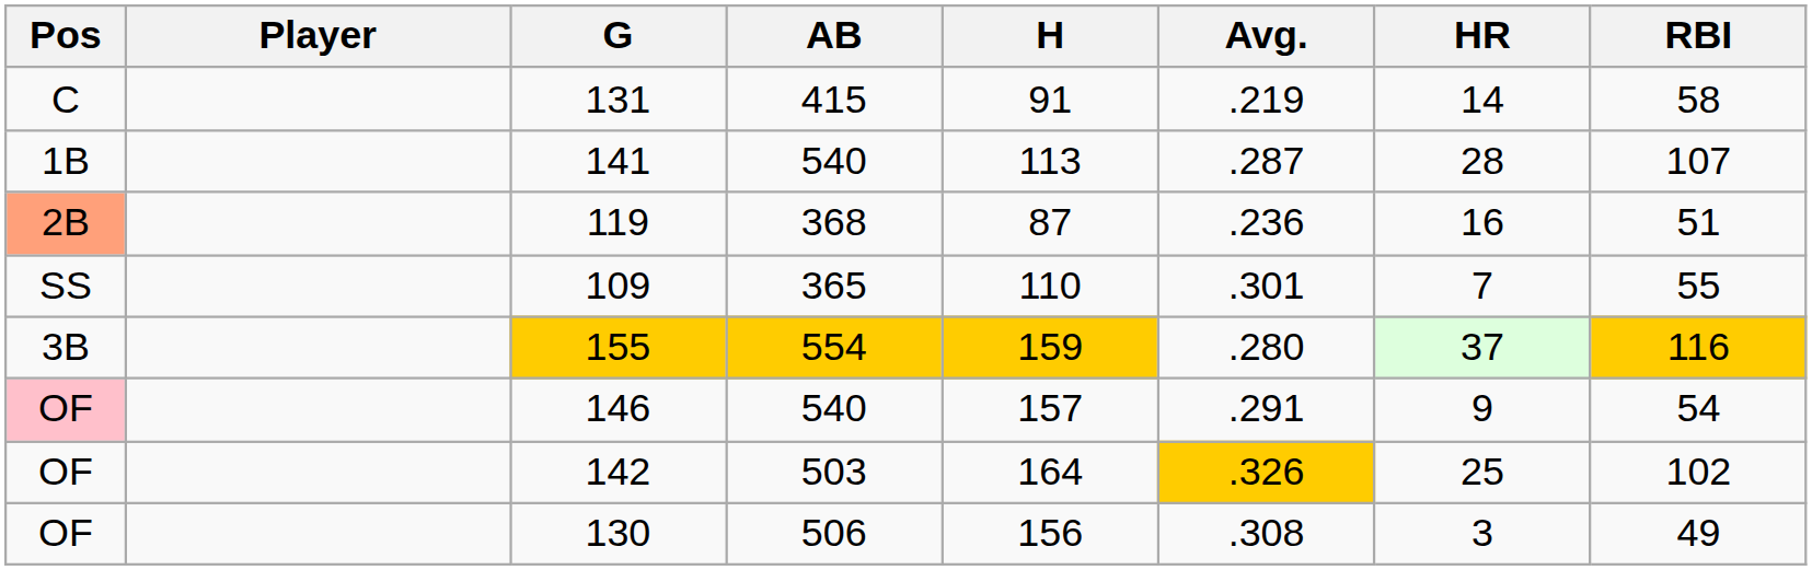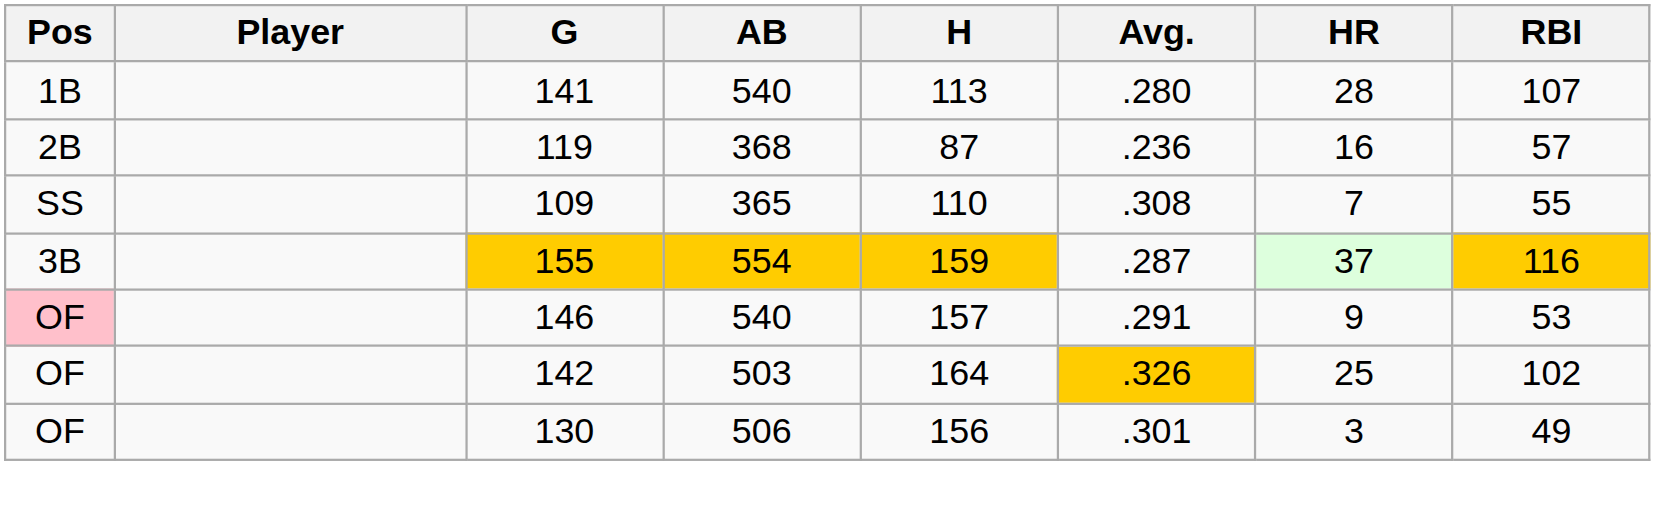 <table class="wikitable sortable">
 <tr>
 <th bgcolor="#DDDDFF" width="5%">Pos</th>
 <th bgcolor="#DDDDFF" width="16%">Player</th>
 <th bgcolor="#DDDDFF" width="9%">G</th>
 <th bgcolor="#DDDDFF" width="9%">AB</th>
 <th bgcolor="#DDDDFF" width="9%">H</th>
 <th bgcolor="#DDDDFF" width="9%">Avg.</th>
 <th bgcolor="#DDDDFF" width="9%">HR</th>
 <th bgcolor="#DDDDFF" width="9%">RBI</th>
 </tr>
 <tr align="center">
-<td>C</td>
-<td></td>
-<td>131</td>
-<td>415</td>
-<td>91</td>
-<td>.219</td>
-<td>14</td>
-<td>58</td>
-</tr>
-<tr align="center">
 <td>1B</td>
 <td></td>
 <td>141</td>
 <td>540</td>
 <td>113</td>
-<td>.287</td>
+<td>.280</td>
 <td>28</td>
 <td>107</td>
 </tr>
 <tr align="center">
-<td style="background: lightsalmon;">2B</td>
+<td>2B</td>
 <td></td>
 <td>119</td>
 <td>368</td>
 <td>87</td>
 <td>.236</td>
 <td>16</td>
-<td>51</td>
+<td>57</td>
 </tr>
 <tr align="center">
 <td>SS</td>
 <td></td>
 <td>109</td>
 <td>365</td>
 <td>110</td>
-<td>.301</td>
+<td>.308</td>
 <td>7</td>
 <td>55</td>
 </tr>
 <tr align="center">
 <td>3B</td>
 <td></td>
 <td style="background:#fc0;">155</td>
 <td style="background:#fc0;">554</td>
 <td style="background:#fc0;">159</td>
-<td>.280</td>
+<td>.287</td>
 <td style="background:#DDFFDD;">37</td>
 <td style="background:#fc0;">116</td>
 </tr>
 <tr align="center">
 <td style="background: pink;">OF</td>
 <td></td>
 <td>146</td>
 <td>540</td>
 <td>157</td>
 <td>.291</td>
 <td>9</td>
-<td>54</td>
+<td>53</td>
 </tr>
 <tr align="center">
 <td>OF</td>
 <td></td>
 <td>142</td>
 <td>503</td>
 <td>164</td>
 <td style="background:#fc0;">.326</td>
 <td>25</td>
 <td>102</td>
 </tr>
 <tr align="center">
 <td>OF</td>
 <td></td>
 <td>130</td>
 <td>506</td>
 <td>156</td>
-<td>.308</td>
+<td>.301</td>
 <td>3</td>
 <td>49</td>
 </tr>
 </table>
